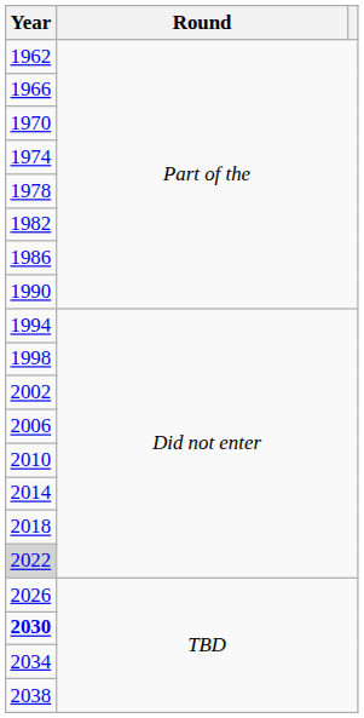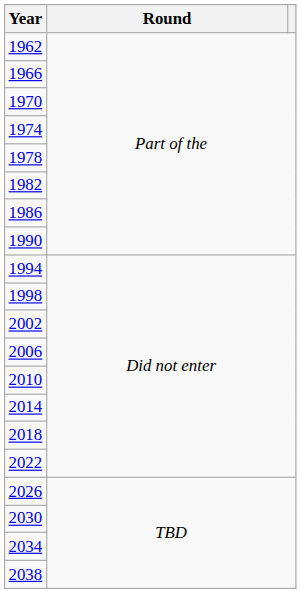 <table class="wikitable" style="text-align: center; font-size:90%">
 <tr>
 <th>Year</th>
 <th style="width:200px">Round</th>
 <th></th>
 </tr>
 <tr>
 <td><a href='#'>1962</a></td>
 <td colspan="2" rowspan="8"><em>Part of the </em></td>
 </tr>
 <tr>
 <td><a href='#'>1966</a></td>
 </tr>
 <tr>
 <td><a href='#'>1970</a></td>
 </tr>
 <tr>
 <td><a href='#'>1974</a></td>
 </tr>
 <tr>
 <td><a href='#'>1978</a></td>
 </tr>
 <tr>
 <td><a href='#'>1982</a></td>
 </tr>
 <tr>
 <td><a href='#'>1986</a></td>
 </tr>
 <tr>
 <td><a href='#'>1990</a></td>
 </tr>
 <tr>
 <td><a href='#'>1994</a></td>
 <td colspan="2" rowspan="8"><em>Did not enter</em></td>
 </tr>
 <tr>
 <td><a href='#'>1998</a></td>
 </tr>
 <tr>
 <td><a href='#'>2002</a></td>
 </tr>
 <tr>
 <td><a href='#'>2006</a></td>
 </tr>
 <tr>
 <td><a href='#'>2010</a></td>
 </tr>
 <tr>
 <td><a href='#'>2014</a></td>
 </tr>
 <tr>
 <td><a href='#'>2018</a></td>
 </tr>
 <tr>
-<td style="background: lightgrey;"><a href='#'>2022</a></td>
+<td><a href='#'>2022</a></td>
 </tr>
 <tr>
 <td><a href='#'>2026</a></td>
 <td colspan="2" rowspan="4"><em>TBD</em></td>
 </tr>
 <tr>
-<td><strong><a href='#'>2030</a></strong></td>
+<td><a href='#'>2030</a></td>
 </tr>
 <tr>
 <td><a href='#'>2034</a></td>
 </tr>
 <tr>
 <td><a href='#'>2038</a></td>
 </tr>
 </table>
